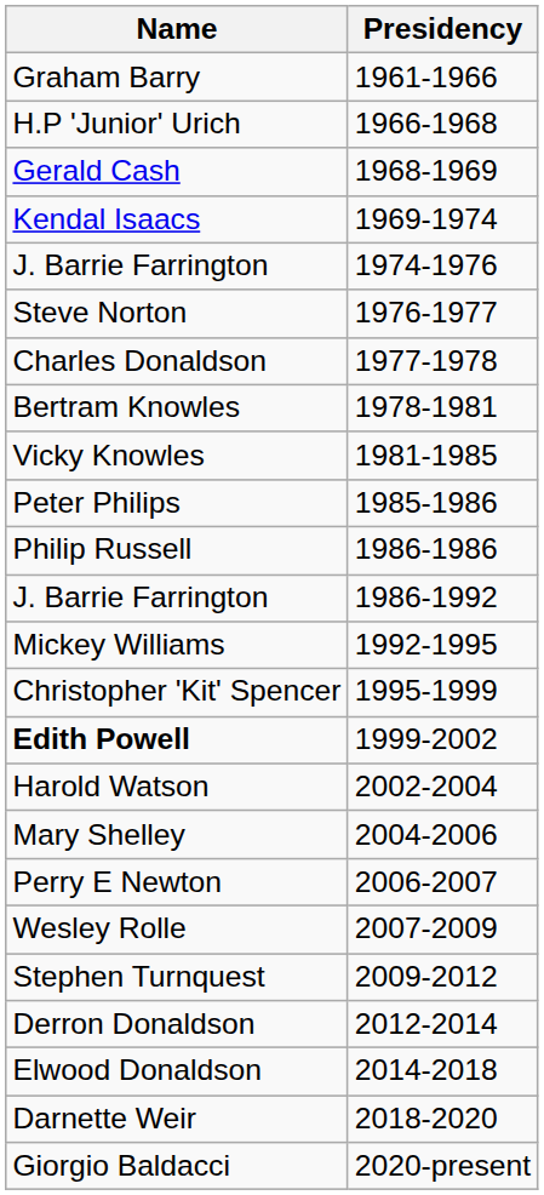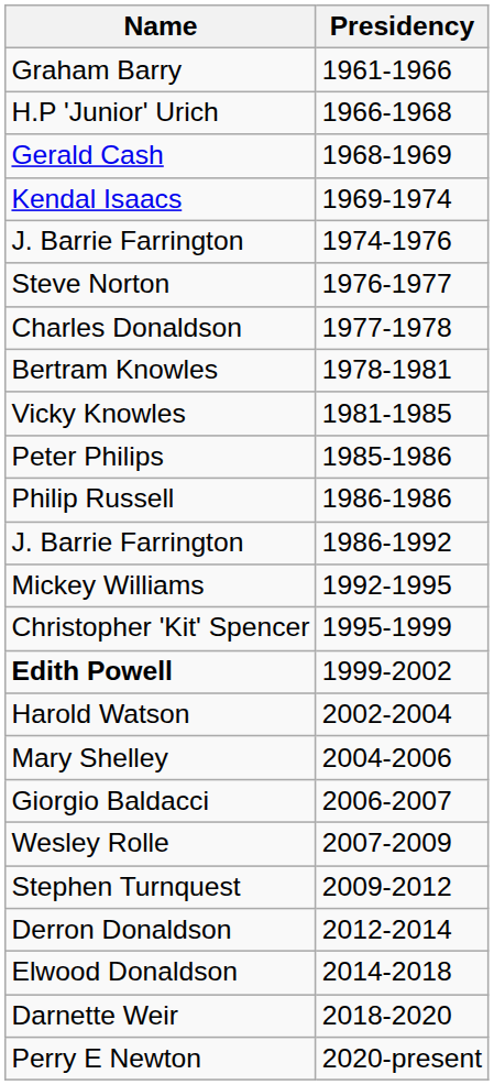 <table class="wikitable">
 <tr>
 <th>Name</th>
 <th>Presidency</th>
 </tr>
 <tr>
 <td>Graham Barry</td>
 <td>1961-1966</td>
 </tr>
 <tr>
 <td>H.P 'Junior' Urich</td>
 <td>1966-1968</td>
 </tr>
 <tr>
 <td><a href='#'>Gerald Cash</a></td>
 <td>1968-1969</td>
 </tr>
 <tr>
 <td><a href='#'>Kendal Isaacs</a></td>
 <td>1969-1974</td>
 </tr>
 <tr>
 <td>J. Barrie Farrington</td>
 <td>1974-1976</td>
 </tr>
 <tr>
 <td>Steve Norton</td>
 <td>1976-1977</td>
 </tr>
 <tr>
 <td>Charles Donaldson</td>
 <td>1977-1978</td>
 </tr>
 <tr>
 <td>Bertram Knowles</td>
 <td>1978-1981</td>
 </tr>
 <tr>
 <td>Vicky Knowles</td>
 <td>1981-1985</td>
 </tr>
 <tr>
 <td>Peter Philips</td>
 <td>1985-1986</td>
 </tr>
 <tr>
 <td>Philip Russell</td>
 <td>1986-1986</td>
 </tr>
 <tr>
 <td>J. Barrie Farrington</td>
 <td>1986-1992</td>
 </tr>
 <tr>
 <td>Mickey Williams</td>
 <td>1992-1995</td>
 </tr>
 <tr>
 <td>Christopher 'Kit' Spencer</td>
 <td>1995-1999</td>
 </tr>
 <tr>
 <td><strong>Edith Powell</strong></td>
 <td>1999-2002</td>
 </tr>
 <tr>
 <td>Harold Watson</td>
 <td>2002-2004</td>
 </tr>
 <tr>
 <td>Mary Shelley</td>
 <td>2004-2006</td>
 </tr>
 <tr>
-<td>Perry E Newton</td>
+<td>Giorgio Baldacci</td>
 <td>2006-2007</td>
 </tr>
 <tr>
 <td>Wesley Rolle</td>
 <td>2007-2009</td>
 </tr>
 <tr>
 <td>Stephen Turnquest</td>
 <td>2009-2012</td>
 </tr>
 <tr>
 <td>Derron Donaldson</td>
 <td>2012-2014</td>
 </tr>
 <tr>
 <td>Elwood Donaldson</td>
 <td>2014-2018</td>
 </tr>
 <tr>
 <td>Darnette Weir</td>
 <td>2018-2020</td>
 </tr>
 <tr>
-<td>Giorgio Baldacci</td>
+<td>Perry E Newton</td>
 <td>2020-present</td>
 </tr>
 </table>
